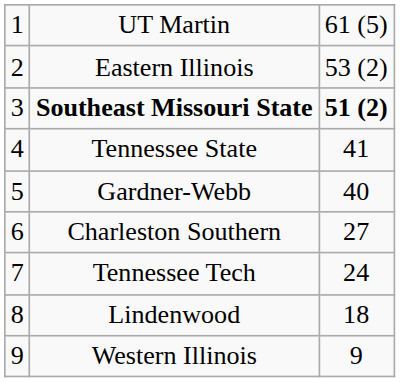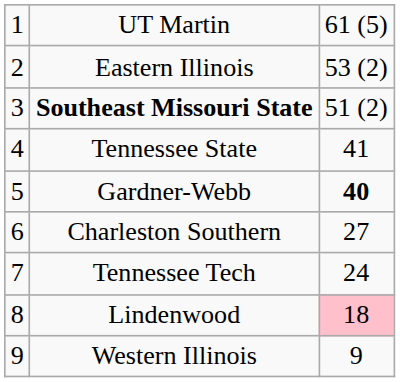 <table class="wikitable">
 <tr align="center">
 <td>1</td>
 <td>UT Martin</td>
 <td>61 (5)</td>
 </tr>
 <tr align="center">
 <td>2</td>
 <td>Eastern Illinois</td>
 <td>53 (2)</td>
 </tr>
 <tr align="center">
 <td>3</td>
 <td><strong>Southeast Missouri State</strong></td>
-<td><strong>51 (2)</strong></td>
+<td>51 (2)</td>
 </tr>
 <tr align="center">
 <td>4</td>
 <td>Tennessee State</td>
 <td>41</td>
 </tr>
 <tr align="center">
 <td>5</td>
 <td>Gardner-Webb</td>
-<td>40</td>
+<td><strong>40</strong></td>
 </tr>
 <tr align="center">
 <td>6</td>
 <td>Charleston Southern</td>
 <td>27</td>
 </tr>
 <tr align="center">
 <td>7</td>
 <td>Tennessee Tech</td>
 <td>24</td>
 </tr>
 <tr align="center">
 <td>8</td>
 <td>Lindenwood</td>
-<td>18</td>
+<td style="background: pink;">18</td>
 </tr>
 <tr align="center">
 <td>9</td>
 <td>Western Illinois</td>
 <td>9</td>
 </tr>
 </table>
